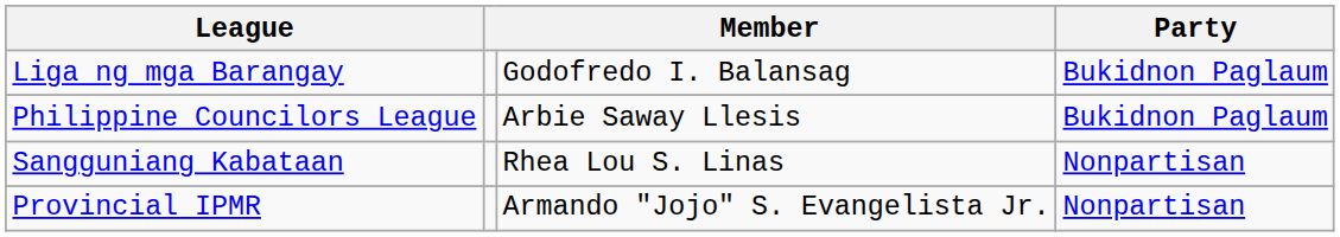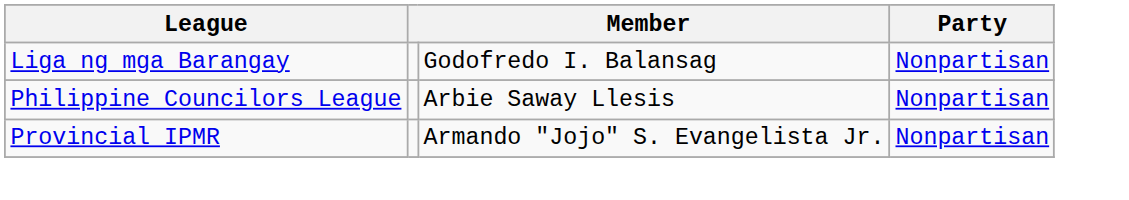 <table class="wikitable">
 <tr>
 <th>League</th>
 <th colspan="2">Member </th>
 <th>Party</th>
 </tr>
 <tr>
 <td><a href='#'>Liga ng mga Barangay</a></td>
 <td></td>
 <td>Godofredo I. Balansag</td>
-<td><a href='#'>Bukidnon Paglaum</a></td>
+<td><a href='#'>Nonpartisan</a></td>
 </tr>
 <tr>
 <td><a href='#'>Philippine Councilors League</a></td>
 <td></td>
 <td>Arbie Saway Llesis</td>
-<td><a href='#'>Bukidnon Paglaum</a></td>
-</tr>
-<tr>
-<td><a href='#'>Sangguniang Kabataan</a></td>
-<td></td>
-<td>Rhea Lou S. Linas</td>
 <td><a href='#'>Nonpartisan</a></td>
 </tr>
 <tr>
 <td><a href='#'>Provincial IPMR</a></td>
 <td></td>
 <td>Armando "Jojo" S. Evangelista Jr.</td>
 <td><a href='#'>Nonpartisan</a></td>
 </tr>
 </table>
